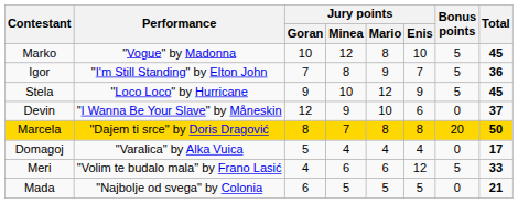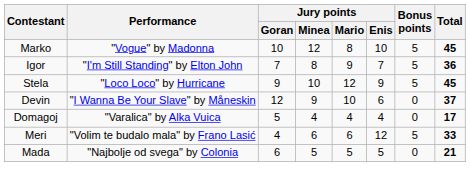 <table class="wikitable sortable" style="text-align: center;">
 <tr>
 <th rowspan="2">Contestant</th>
 <th rowspan="2">Performance</th>
 <th colspan="4">Jury points</th>
 <th rowspan="2">Bonus<br>points</th>
 <th rowspan="2">Total</th>
 </tr>
 <tr>
 <th>Goran</th>
 <th>Minea</th>
 <th>Mario</th>
 <th>Enis</th>
 </tr>
 <tr>
 <td>Marko</td>
 <td>"<a href='#'>Vogue</a>" by <a href='#'>Madonna</a></td>
 <td>10</td>
 <td>12</td>
 <td>8</td>
 <td>10</td>
 <td>5</td>
 <td><strong>45</strong></td>
 </tr>
 <tr>
 <td>Igor</td>
 <td>"<a href='#'>I'm Still Standing</a>" by <a href='#'>Elton John</a></td>
 <td>7</td>
 <td>8</td>
 <td>9</td>
 <td>7</td>
 <td>5</td>
 <td><strong>36</strong></td>
 </tr>
 <tr>
 <td>Stela</td>
 <td>"<a href='#'>Loco Loco</a>" by <a href='#'>Hurricane</a></td>
 <td>9</td>
 <td>10</td>
 <td>12</td>
 <td>9</td>
 <td>5</td>
 <td><strong>45</strong></td>
 </tr>
 <tr>
 <td>Devin</td>
 <td>"<a href='#'>I Wanna Be Your Slave</a>" by <a href='#'>Måneskin</a></td>
 <td>12</td>
 <td>9</td>
 <td>10</td>
 <td>6</td>
 <td>0</td>
 <td><strong>37</strong></td>
 </tr>
-<tr style="background-color:gold;">
-<td>Marcela</td>
-<td>"Dajem ti srce" by <a href='#'>Doris Dragović</a></td>
-<td>8</td>
-<td>7</td>
-<td>8</td>
-<td>8</td>
-<td>20</td>
-<td><strong>50</strong></td>
-</tr>
 <tr>
 <td>Domagoj</td>
 <td>"Varalica" by <a href='#'>Alka Vuica</a></td>
 <td>5</td>
 <td>4</td>
 <td>4</td>
 <td>4</td>
 <td>0</td>
 <td><strong>17</strong></td>
 </tr>
 <tr>
 <td>Meri</td>
 <td>"Volim te budalo mala" by <a href='#'>Frano Lasić</a></td>
 <td>4</td>
 <td>6</td>
 <td>6</td>
 <td>12</td>
 <td>5</td>
 <td><strong>33</strong></td>
 </tr>
 <tr>
 <td>Mada</td>
 <td>"Najbolje od svega" by <a href='#'>Colonia</a></td>
 <td>6</td>
 <td>5</td>
 <td>5</td>
 <td>5</td>
 <td>0</td>
 <td><strong>21</strong></td>
 </tr>
 </table>
